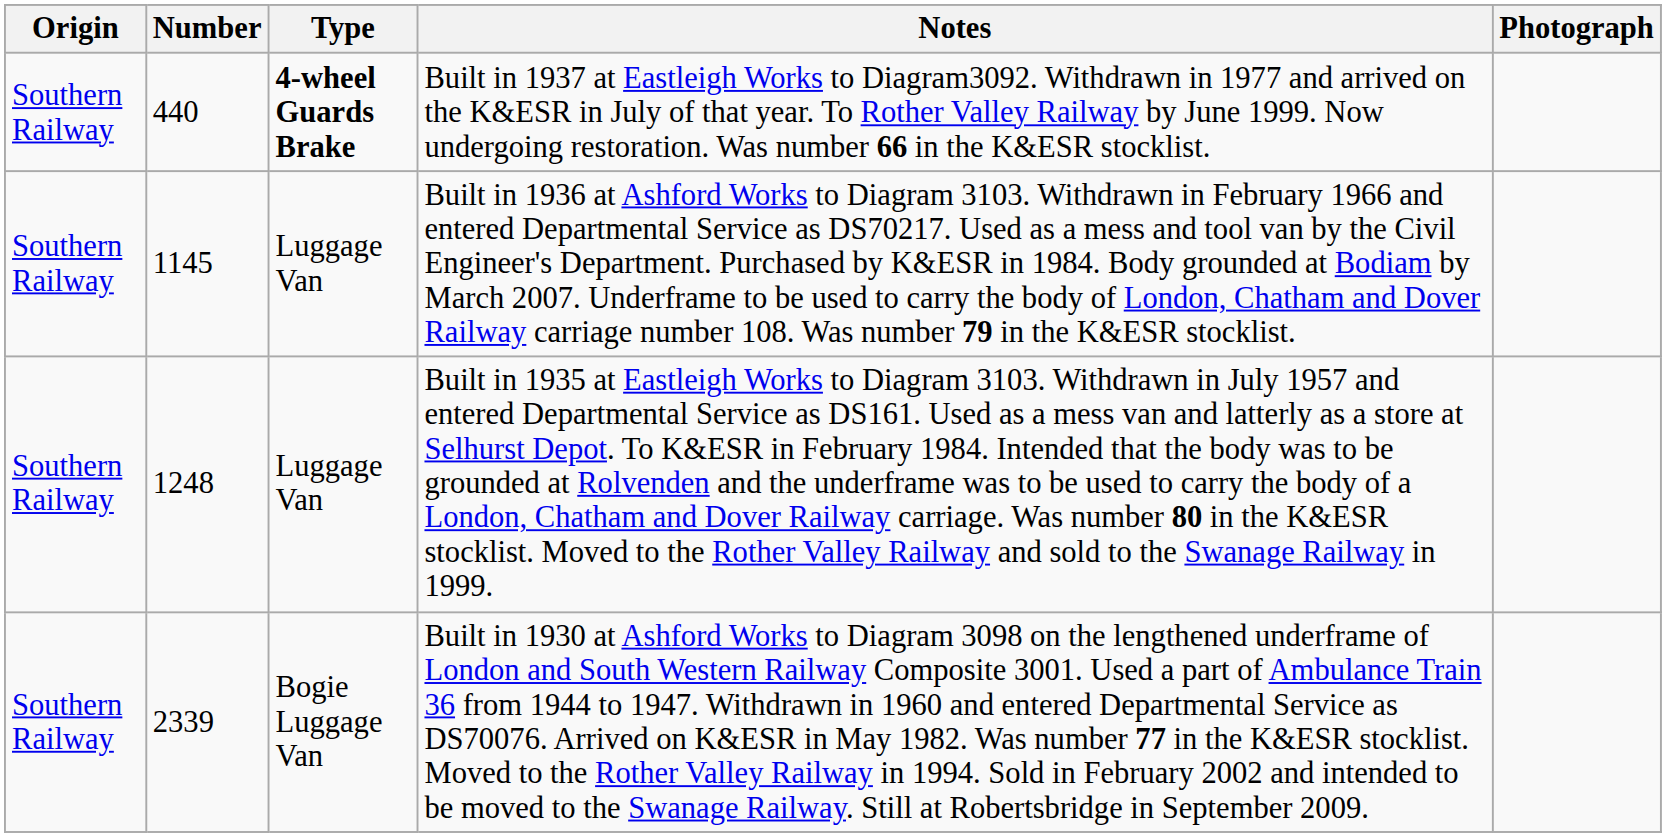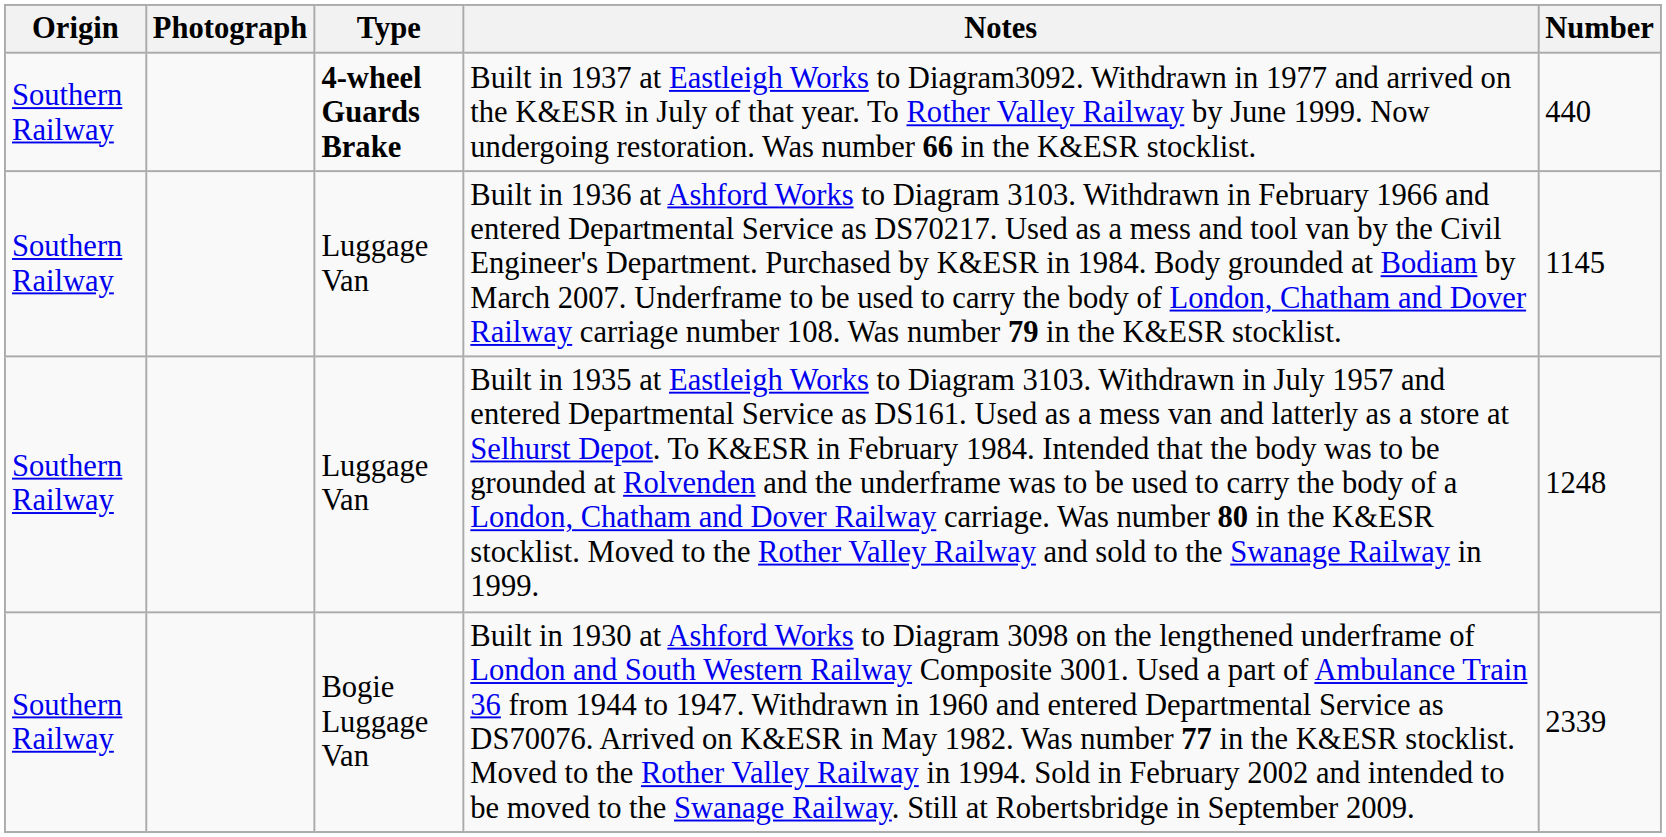 <table class="wikitable">
 <tr>
 <th>Origin</th>
-<th>Number</th>
+<th>Photograph</th>
 <th>Type</th>
 <th>Notes</th>
-<th>Photograph</th>
+<th>Number</th>
 </tr>
 <tr>
 <td><a href='#'>Southern Railway</a></td>
-<td>440</td>
+<td></td>
 <td><strong>4-wheel Guards Brake</strong></td>
 <td>Built in 1937 at <a href='#'>Eastleigh Works</a> to Diagram3092. Withdrawn in 1977 and arrived on the K&ESR in July of that year. To <a href='#'>Rother Valley Railway</a> by June 1999. Now undergoing restoration. Was number <strong>66</strong> in the K&ESR stocklist.</td>
-<td></td>
+<td>440</td>
 </tr>
 <tr>
 <td><a href='#'>Southern Railway</a></td>
-<td>1145</td>
+<td></td>
 <td>Luggage Van</td>
 <td>Built in 1936 at <a href='#'>Ashford Works</a> to Diagram 3103. Withdrawn in February 1966 and entered Departmental Service as DS70217. Used as a mess and tool van by the Civil Engineer's Department. Purchased by K&ESR in 1984. Body grounded at <a href='#'>Bodiam</a> by March 2007. Underframe to be used to carry the body of <a href='#'>London, Chatham and Dover Railway</a> carriage number 108. Was number <strong>79</strong> in the K&ESR stocklist.</td>
-<td></td>
+<td>1145</td>
 </tr>
 <tr>
 <td><a href='#'>Southern Railway</a></td>
-<td>1248</td>
+<td></td>
 <td>Luggage Van</td>
 <td>Built in 1935 at <a href='#'>Eastleigh Works</a> to Diagram 3103. Withdrawn in July 1957 and entered Departmental Service as DS161. Used as a mess van and latterly as a store at <a href='#'>Selhurst Depot</a>. To K&ESR in February 1984. Intended that the body was to be grounded at <a href='#'>Rolvenden</a> and the underframe was to be used to carry the body of a <a href='#'>London, Chatham and Dover Railway</a> carriage. Was number <strong>80</strong> in the K&ESR stocklist. Moved to the <a href='#'>Rother Valley Railway</a> and sold to the <a href='#'>Swanage Railway</a> in 1999.</td>
-<td></td>
+<td>1248</td>
 </tr>
 <tr>
 <td><a href='#'>Southern Railway</a></td>
-<td>2339</td>
+<td></td>
 <td>Bogie Luggage Van</td>
 <td>Built in 1930 at <a href='#'>Ashford Works</a> to Diagram 3098 on the lengthened underframe of <a href='#'>London and South Western Railway</a> Composite 3001. Used a part of <a href='#'>Ambulance Train 36</a> from 1944 to 1947. Withdrawn in 1960 and entered Departmental Service as DS70076. Arrived on K&ESR in May 1982. Was number <strong>77</strong> in the K&ESR stocklist. Moved to the <a href='#'>Rother Valley Railway</a> in 1994. Sold in February 2002 and intended to be moved to the <a href='#'>Swanage Railway</a>. Still at Robertsbridge in September 2009.</td>
-<td></td>
+<td>2339</td>
 </tr>
 </table>
